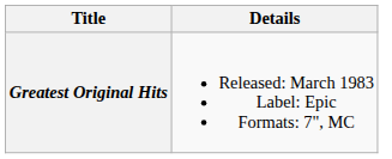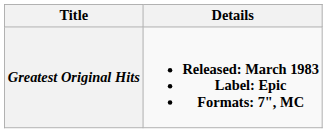 <table class="wikitable plainrowheaders" style="text-align:center;">
 <tr>
 <th scope="col">Title</th>
 <th scope="col">Details</th>
 </tr>
 <tr>
 <th scope="row"><em>Greatest Original Hits</em></th>
-<td><br><ul><li>Released: March 1983</li><li>Label: Epic</li><li>Formats: 7", MC</li></ul></td>
+<td><strong><br><ul><li>Released: March 1983</li><li>Label: Epic</li><li>Formats: 7", MC</li></ul></strong></td>
 </tr>
 </table>
